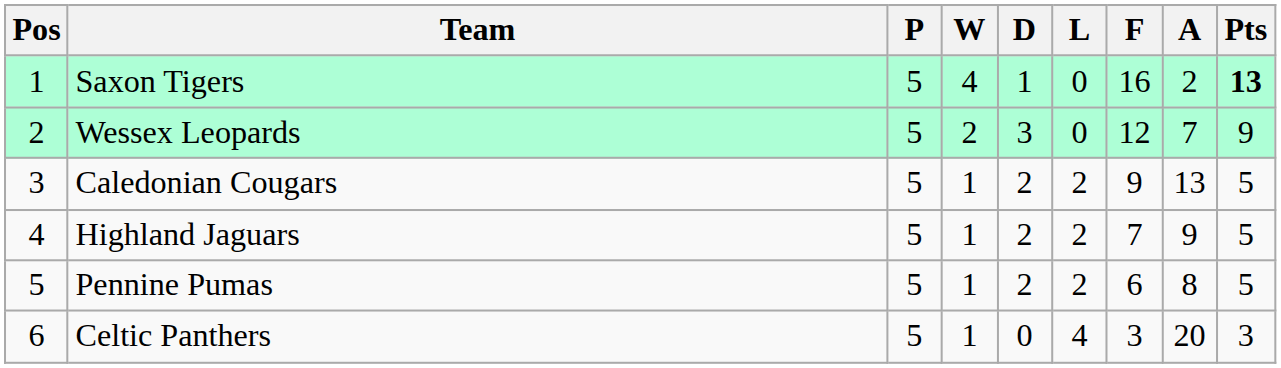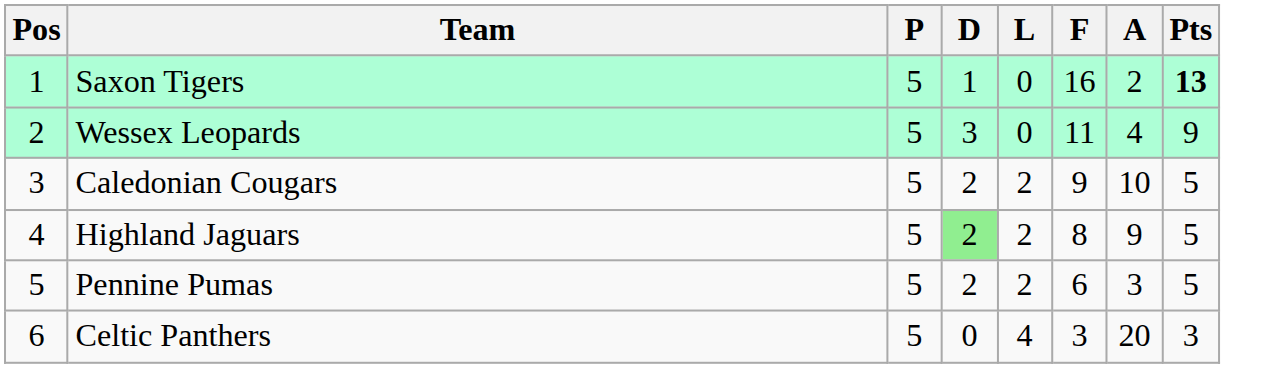 <table class="wikitable" style="text-align:centre;">
 <tr>
 <th width=20>Pos</th>
 <th width=400>Team</th>
 <th width=20>P</th>
-<th width=20>W</th>
 <th width=20>D</th>
 <th width=20>L</th>
 <th width=20>F</th>
 <th width=20>A</th>
 <th width=20>Pts</th>
 </tr>
 <tr align=center style="background: #ADFFD6;">
 <td>1</td>
 <td align="left">Saxon Tigers</td>
 <td>5</td>
-<td>4</td>
 <td>1</td>
 <td>0</td>
 <td>16</td>
 <td>2</td>
 <td><strong>13</strong></td>
 </tr>
 <tr align=center style="background: #ADFFD6;">
 <td>2</td>
 <td align="left">Wessex Leopards</td>
 <td>5</td>
-<td>2</td>
 <td>3</td>
 <td>0</td>
-<td>12</td>
-<td>7</td>
+<td>11</td>
+<td>4</td>
 <td>9</td>
 </tr>
 <tr align=center>
 <td>3</td>
 <td align="left">Caledonian Cougars</td>
 <td>5</td>
-<td>1</td>
 <td>2</td>
 <td>2</td>
 <td>9</td>
-<td>13</td>
+<td>10</td>
 <td>5</td>
 </tr>
 <tr align=center>
 <td>4</td>
 <td align="left">Highland Jaguars</td>
 <td>5</td>
-<td>1</td>
+<td style="background: lightgreen;">2</td>
 <td>2</td>
-<td>2</td>
-<td>7</td>
+<td>8</td>
 <td>9</td>
 <td>5</td>
 </tr>
 <tr align=center>
 <td>5</td>
 <td align="left">Pennine Pumas</td>
 <td>5</td>
-<td>1</td>
 <td>2</td>
 <td>2</td>
 <td>6</td>
-<td>8</td>
+<td>3</td>
 <td>5</td>
 </tr>
 <tr align=center>
 <td>6</td>
 <td align="left">Celtic Panthers</td>
 <td>5</td>
-<td>1</td>
 <td>0</td>
 <td>4</td>
 <td>3</td>
 <td>20</td>
 <td>3</td>
 </tr>
 </table>
